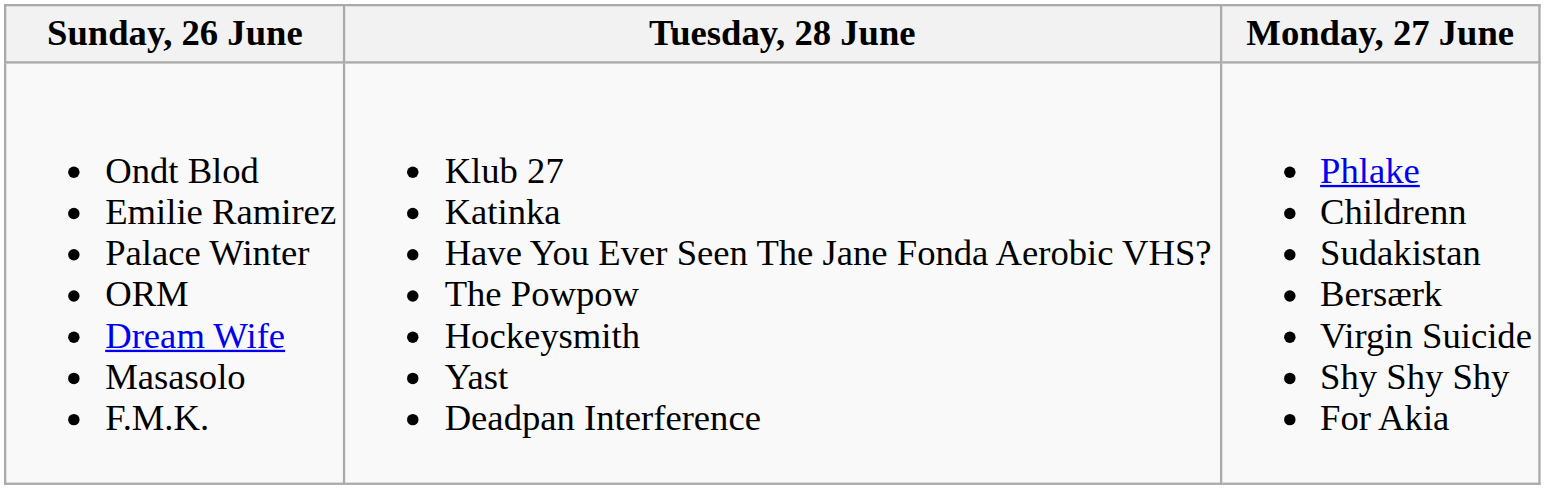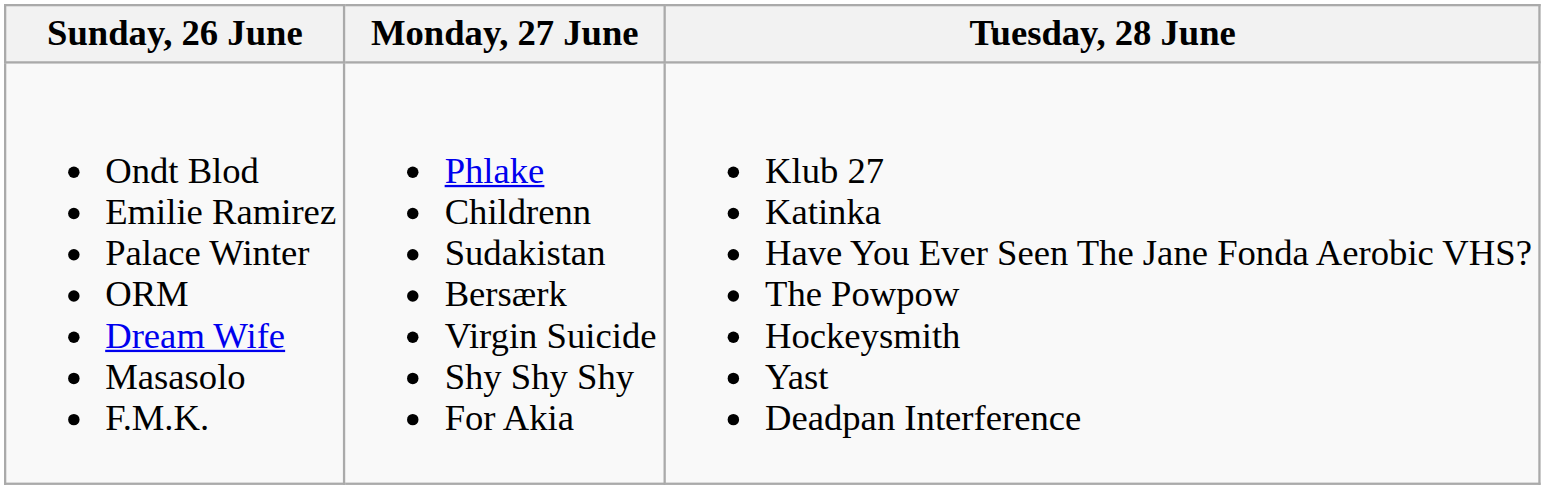 <table class="wikitable">
 <tr>
 <th>Sunday, 26 June</th>
+<th>Monday, 27 June</th>
 <th>Tuesday, 28 June</th>
-<th>Monday, 27 June</th>
 </tr>
 <tr valign="top">
 <td><br><ul><li>Ondt Blod</li><li>Emilie Ramirez</li><li>Palace Winter</li><li>ORM</li><li><a href='#'>Dream Wife</a></li><li>Masasolo</li><li>F.M.K.</li></ul></td>
+<td><br><ul><li><a href='#'>Phlake</a></li><li>Childrenn</li><li>Sudakistan</li><li>Bersærk</li><li>Virgin Suicide</li><li>Shy Shy Shy</li><li>For Akia</li></ul></td>
 <td><br><ul><li>Klub 27</li><li>Katinka</li><li>Have You Ever Seen The Jane Fonda Aerobic VHS?</li><li>The Powpow</li><li>Hockeysmith</li><li>Yast</li><li>Deadpan Interference</li></ul></td>
-<td><br><ul><li><a href='#'>Phlake</a></li><li>Childrenn</li><li>Sudakistan</li><li>Bersærk</li><li>Virgin Suicide</li><li>Shy Shy Shy</li><li>For Akia</li></ul></td>
 </tr>
 </table>
